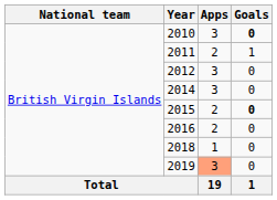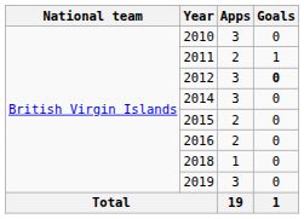 <table class="wikitable" style="text-align:center">
 <tr>
 <th>National team</th>
 <th>Year</th>
 <th>Apps</th>
 <th>Goals</th>
 </tr>
 <tr>
 <td rowspan=8><a href='#'>British Virgin Islands</a></td>
 <td>2010</td>
 <td>3</td>
-<td><strong>0</strong></td>
+<td>0</td>
 </tr>
 <tr>
 <td>2011</td>
 <td>2</td>
 <td>1</td>
 </tr>
 <tr>
 <td>2012</td>
 <td>3</td>
-<td>0</td>
+<td><strong>0</strong></td>
 </tr>
 <tr>
 <td>2014</td>
 <td>3</td>
 <td>0</td>
 </tr>
 <tr>
 <td>2015</td>
 <td>2</td>
-<td><strong>0</strong></td>
+<td>0</td>
 </tr>
 <tr>
 <td>2016</td>
 <td>2</td>
 <td>0</td>
 </tr>
 <tr>
 <td>2018</td>
 <td>1</td>
 <td>0</td>
 </tr>
 <tr>
 <td>2019</td>
-<td style="background: lightsalmon;">3</td>
+<td>3</td>
 <td>0</td>
 </tr>
 <tr>
 <th colspan=2>Total</th>
 <th>19</th>
 <th>1</th>
 </tr>
 </table>
